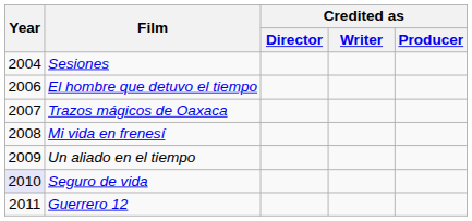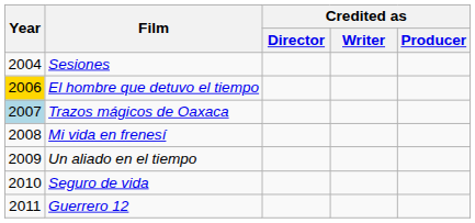 <table class="wikitable">
 <tr>
 <th rowspan="2" width="33">Year</th>
 <th rowspan="2">Film</th>
 <th colspan="5">Credited as</th>
 </tr>
 <tr>
 <th width=65><a href='#'>Director</a></th>
 <th width=65><a href='#'>Writer</a></th>
 <th width=65><a href='#'>Producer</a></th>
 </tr>
 <tr align="center">
 <td align="center">2004</td>
 <td align="left"><em><a href='#'>Sesiones</a></em></td>
 <td></td>
 <td></td>
 <td></td>
 </tr>
 <tr align="center">
-<td align="center">2006</td>
+<td align="center" style="background: gold;">2006</td>
 <td align="left"><em><a href='#'>El hombre que detuvo el tiempo</a></em></td>
 <td></td>
 <td></td>
 <td></td>
 </tr>
 <tr align="center">
-<td align="center">2007</td>
+<td align="center" style="background: lightblue;">2007</td>
 <td align="left"><em><a href='#'>Trazos mágicos de Oaxaca</a></em></td>
 <td></td>
 <td></td>
 <td></td>
 </tr>
 <tr align="center">
 <td align="center">2008</td>
 <td align="left"><em><a href='#'>Mi vida en frenesí</a></em></td>
 <td></td>
 <td></td>
 <td></td>
 </tr>
 <tr align="center">
 <td align="center">2009</td>
 <td align="left"><em>Un aliado en el tiempo</em></td>
 <td></td>
 <td></td>
 <td></td>
 </tr>
 <tr align="center">
-<td align="center" style="background: lavender;">2010</td>
+<td align="center">2010</td>
 <td align="left"><em><a href='#'>Seguro de vida</a></em></td>
 <td></td>
 <td></td>
 <td></td>
 </tr>
 <tr align="center">
 <td align="center">2011</td>
 <td align="left"><em><a href='#'>Guerrero 12</a></em></td>
 <td></td>
 <td></td>
 <td></td>
 </tr>
 </table>
